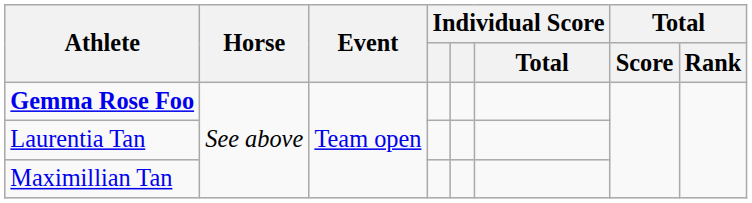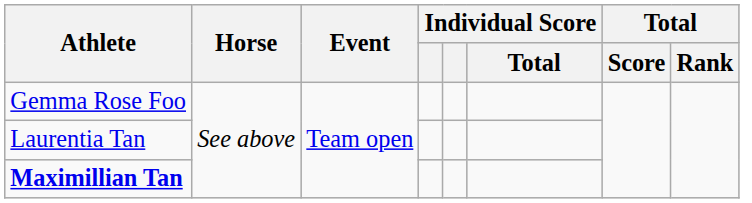 <table class=wikitable>
 <tr>
 <th rowspan="2">Athlete</th>
 <th rowspan="2">Horse</th>
 <th rowspan="2">Event</th>
 <th colspan="3">Individual Score</th>
 <th colspan="2">Total</th>
 </tr>
 <tr>
 <th></th>
 <th></th>
 <th>Total</th>
 <th>Score</th>
 <th>Rank</th>
 </tr>
 <tr>
-<td><strong><a href='#'>Gemma Rose Foo</a></strong></td>
+<td><a href='#'>Gemma Rose Foo</a></td>
 <td rowspan=4><em>See above</em></td>
 <td rowspan=4><a href='#'>Team open</a></td>
 <td align="center"></td>
 <td align="center"></td>
 <td align="center"></td>
 <td align="center" rowspan=3></td>
 <td align="center" rowspan=3></td>
 </tr>
 <tr>
 <td><a href='#'>Laurentia Tan</a></td>
 <td align="center"></td>
 <td align="center"></td>
 <td align="center"></td>
 </tr>
 <tr>
-<td><a href='#'>Maximillian Tan</a></td>
+<td><strong><a href='#'>Maximillian Tan</a></strong></td>
 <td align="center"></td>
 <td align="center"></td>
 <td align="center"></td>
 </tr>
 </table>
